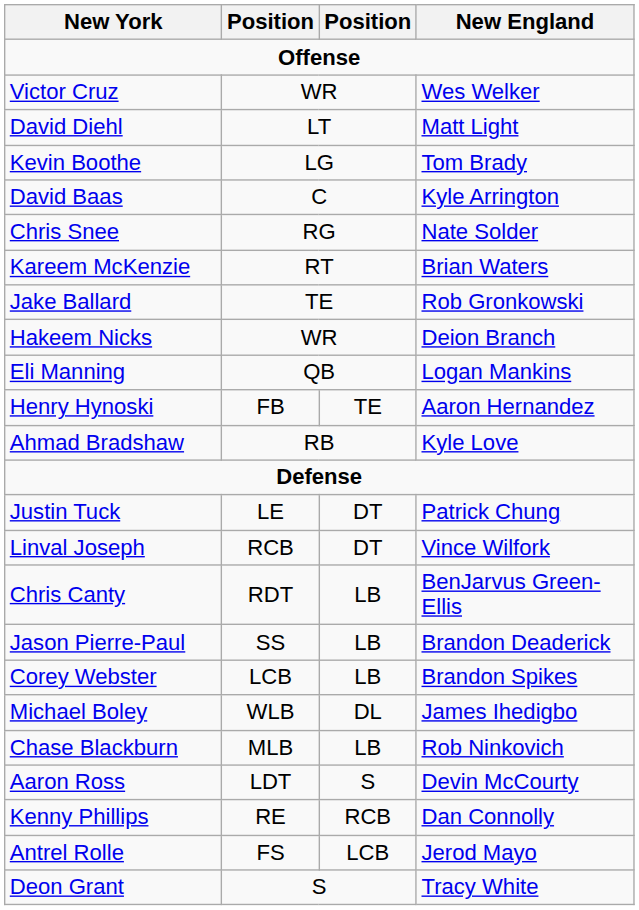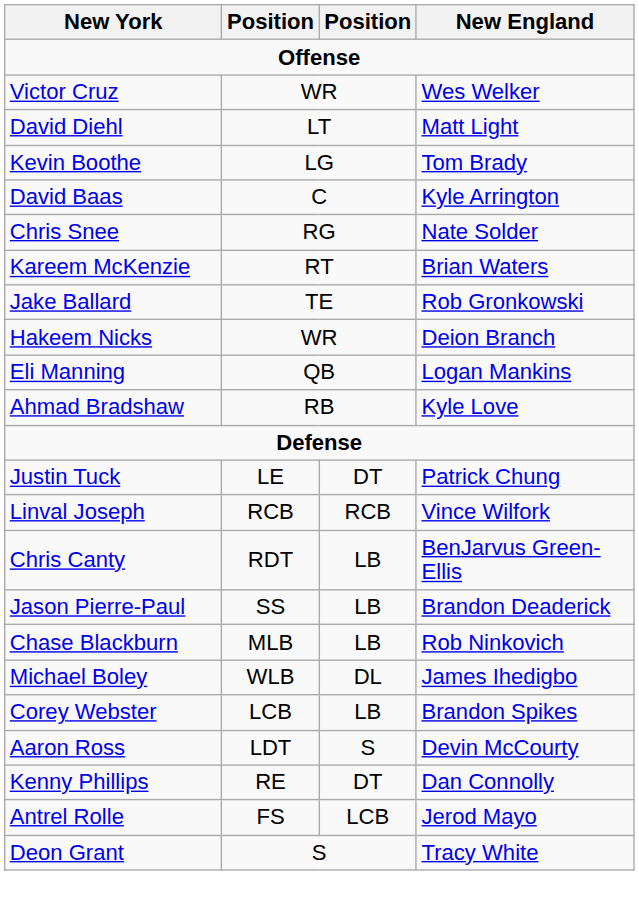 <table class="wikitable">
 <tr>
 <th style="width:150px;">New York</th>
 <th>Position</th>
 <th>Position</th>
 <th style="width:150px;">New England</th>
 </tr>
 <tr>
 <td colspan="4" style="text-align:center;"><strong>Offense</strong></td>
 </tr>
 <tr>
 <td><a href='#'>Victor Cruz</a></td>
 <td colspan="2" style="text-align:center;">WR</td>
 <td><a href='#'>Wes Welker</a></td>
 </tr>
 <tr>
 <td><a href='#'>David Diehl</a></td>
 <td colspan="2" style="text-align:center;">LT</td>
 <td><a href='#'>Matt Light</a></td>
 </tr>
 <tr>
 <td><a href='#'>Kevin Boothe</a></td>
 <td colspan="2" style="text-align:center;">LG</td>
 <td><a href='#'>Tom Brady</a></td>
 </tr>
 <tr>
 <td><a href='#'>David Baas</a></td>
 <td colspan="2" style="text-align:center;">C</td>
 <td><a href='#'>Kyle Arrington</a></td>
 </tr>
 <tr>
 <td><a href='#'>Chris Snee</a></td>
 <td colspan="2" style="text-align:center;">RG</td>
 <td><a href='#'>Nate Solder</a></td>
 </tr>
 <tr>
 <td><a href='#'>Kareem McKenzie</a></td>
 <td colspan="2" style="text-align:center;">RT</td>
 <td><a href='#'>Brian Waters</a></td>
 </tr>
 <tr>
 <td><a href='#'>Jake Ballard</a></td>
 <td colspan="2" style="text-align:center;">TE</td>
 <td><a href='#'>Rob Gronkowski</a></td>
 </tr>
 <tr>
 <td><a href='#'>Hakeem Nicks</a></td>
 <td colspan="2" style="text-align:center;">WR</td>
 <td><a href='#'>Deion Branch</a></td>
 </tr>
 <tr>
 <td><a href='#'>Eli Manning</a></td>
 <td colspan="2" style="text-align:center;">QB</td>
 <td><a href='#'>Logan Mankins</a></td>
 </tr>
 <tr>
-<td><a href='#'>Henry Hynoski</a></td>
-<td style="text-align:center;">FB</td>
-<td style="text-align:center;">TE</td>
-<td><a href='#'>Aaron Hernandez</a></td>
-</tr>
-<tr>
 <td><a href='#'>Ahmad Bradshaw</a></td>
 <td colspan="2" style="text-align:center;">RB</td>
 <td><a href='#'>Kyle Love</a></td>
 </tr>
 <tr>
 <td colspan="4" style="text-align:center;"><strong>Defense</strong></td>
 </tr>
 <tr>
 <td><a href='#'>Justin Tuck</a></td>
 <td style="text-align:center;">LE</td>
 <td style="text-align:center;">DT</td>
 <td><a href='#'>Patrick Chung</a></td>
 </tr>
 <tr>
 <td><a href='#'>Linval Joseph</a></td>
 <td style="text-align:center;">RCB</td>
-<td style="text-align:center;">DT</td>
+<td style="text-align:center;">RCB</td>
 <td><a href='#'>Vince Wilfork</a></td>
 </tr>
 <tr>
 <td><a href='#'>Chris Canty</a></td>
 <td style="text-align:center;">RDT</td>
 <td style="text-align:center;">LB</td>
 <td><a href='#'>BenJarvus Green-Ellis</a></td>
 </tr>
 <tr>
 <td><a href='#'>Jason Pierre-Paul</a></td>
 <td style="text-align:center;">SS</td>
 <td style="text-align:center;">LB</td>
 <td><a href='#'>Brandon Deaderick</a></td>
 </tr>
 <tr>
-<td><a href='#'>Corey Webster</a></td>
-<td style="text-align:center;">LCB</td>
+<td><a href='#'>Chase Blackburn</a></td>
+<td style="text-align:center;">MLB</td>
 <td style="text-align:center;">LB</td>
-<td><a href='#'>Brandon Spikes</a></td>
+<td><a href='#'>Rob Ninkovich</a></td>
 </tr>
 <tr>
 <td><a href='#'>Michael Boley</a></td>
 <td style="text-align:center;">WLB</td>
 <td style="text-align:center;">DL</td>
 <td><a href='#'>James Ihedigbo</a></td>
 </tr>
 <tr>
-<td><a href='#'>Chase Blackburn</a></td>
-<td style="text-align:center;">MLB</td>
+<td><a href='#'>Corey Webster</a></td>
+<td style="text-align:center;">LCB</td>
 <td style="text-align:center;">LB</td>
-<td><a href='#'>Rob Ninkovich</a></td>
+<td><a href='#'>Brandon Spikes</a></td>
 </tr>
 <tr>
 <td><a href='#'>Aaron Ross</a></td>
 <td style="text-align:center;">LDT</td>
 <td style="text-align:center;">S</td>
 <td><a href='#'>Devin McCourty</a></td>
 </tr>
 <tr>
 <td><a href='#'>Kenny Phillips</a></td>
 <td style="text-align:center;">RE</td>
-<td style="text-align:center;">RCB</td>
+<td style="text-align:center;">DT</td>
 <td><a href='#'>Dan Connolly</a></td>
 </tr>
 <tr>
 <td><a href='#'>Antrel Rolle</a></td>
 <td style="text-align:center;">FS</td>
 <td style="text-align:center;">LCB</td>
 <td><a href='#'>Jerod Mayo</a></td>
 </tr>
 <tr>
 <td><a href='#'>Deon Grant</a></td>
 <td colspan="2" style="text-align:center;">S</td>
 <td><a href='#'>Tracy White</a></td>
 </tr>
 </table>
